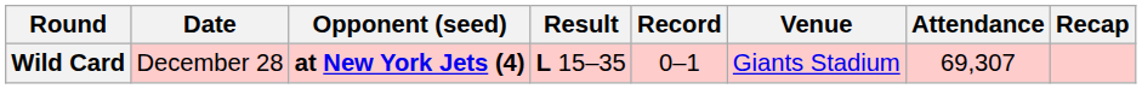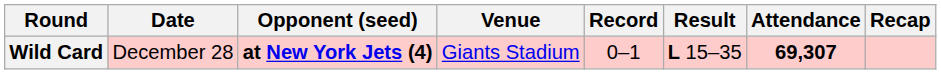 <table class="wikitable" style="text-align:center">
 <tr>
 <th>Round</th>
 <th>Date</th>
 <th>Opponent (seed)</th>
+<th>Venue</th>
+<th>Record</th>
 <th>Result</th>
-<th>Record</th>
-<th>Venue</th>
 <th>Attendance</th>
 <th>Recap</th>
 </tr>
 <tr style="background:#fcc">
 <th>Wild Card</th>
 <td>December 28</td>
 <td><strong>at <a href='#'>New York Jets</a> (4)</strong></td>
+<td><a href='#'>Giants Stadium</a></td>
+<td>0–1</td>
 <td><strong>L</strong> 15–35</td>
-<td>0–1</td>
-<td><a href='#'>Giants Stadium</a></td>
-<td>69,307</td>
+<td><strong>69,307</strong></td>
 <td></td>
 </tr>
 </table>
